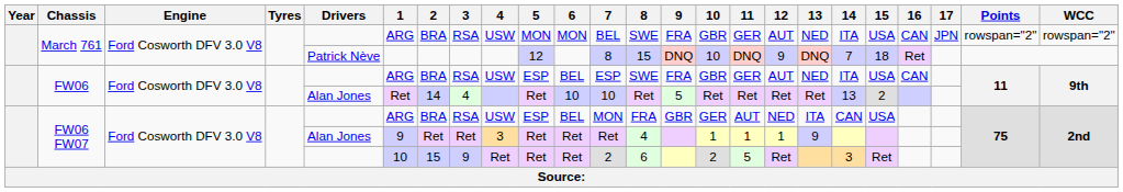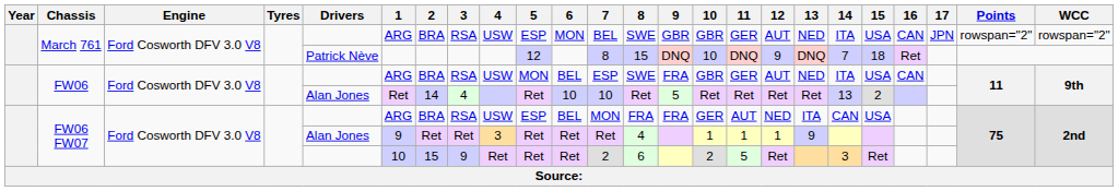 <table class="wikitable" style="text-align:center; font-size:85%">
 <tr>
 <th>Year</th>
 <th>Chassis</th>
 <th>Engine</th>
 <th>Tyres</th>
 <th>Drivers</th>
 <th>1</th>
 <th>2</th>
 <th>3</th>
 <th>4</th>
 <th>5</th>
 <th>6</th>
 <th>7</th>
 <th>8</th>
 <th>9</th>
 <th>10</th>
 <th>11</th>
 <th>12</th>
 <th>13</th>
 <th>14</th>
 <th>15</th>
 <th>16</th>
 <th>17</th>
 <th><a href='#'>Points</a></th>
 <th>WCC</th>
 </tr>
 <tr>
 <th rowspan="2"></th>
 <td rowspan="2"><a href='#'>March</a> <a href='#'>761</a></td>
 <td rowspan="2"><a href='#'>Ford</a> Cosworth DFV 3.0 <a href='#'>V8</a></td>
 <td rowspan="2"></td>
 <td></td>
 <td><a href='#'>ARG</a></td>
 <td><a href='#'>BRA</a></td>
 <td><a href='#'>RSA</a></td>
 <td><a href='#'>USW</a></td>
-<td><a href='#'>MON</a></td>
+<td><a href='#'>ESP</a></td>
 <td><a href='#'>MON</a></td>
 <td><a href='#'>BEL</a></td>
 <td><a href='#'>SWE</a></td>
-<td><a href='#'>FRA</a></td>
+<td><a href='#'>GBR</a></td>
 <td><a href='#'>GBR</a></td>
 <td><a href='#'>GER</a></td>
 <td><a href='#'>AUT</a></td>
 <td><a href='#'>NED</a></td>
 <td><a href='#'>ITA</a></td>
 <td><a href='#'>USA</a></td>
 <td><a href='#'>CAN</a></td>
 <td><a href='#'>JPN</a></td>
 <td>rowspan="2" </td>
 <td>rowspan="2" </td>
 </tr>
 <tr>
 <td align="left"> <a href='#'>Patrick Nève</a></td>
 <td></td>
 <td></td>
 <td></td>
 <td></td>
 <td style="background:#CFCFFF;">12</td>
 <td></td>
 <td style="background:#CFCFFF;">8</td>
 <td style="background:#CFCFFF;">15</td>
 <td style="background:#FFCFCF;">DNQ</td>
 <td style="background:#CFCFFF;">10</td>
 <td style="background:#FFCFCF;">DNQ</td>
 <td style="background:#CFCFFF;">9</td>
 <td style="background:#FFCFCF;">DNQ</td>
 <td style="background:#CFCFFF;">7</td>
 <td style="background:#CFCFFF;">18</td>
 <td style="background:#EFCFFF;">Ret</td>
 <td></td>
 </tr>
 <tr>
 <th rowspan="2"></th>
 <td rowspan="2"><a href='#'>FW06</a></td>
 <td rowspan="2"><a href='#'>Ford</a> Cosworth DFV 3.0 <a href='#'>V8</a></td>
 <td rowspan="2"></td>
 <td></td>
 <td><a href='#'>ARG</a></td>
 <td><a href='#'>BRA</a></td>
 <td><a href='#'>RSA</a></td>
 <td><a href='#'>USW</a></td>
-<td><a href='#'>ESP</a></td>
+<td><a href='#'>MON</a></td>
 <td><a href='#'>BEL</a></td>
 <td><a href='#'>ESP</a></td>
 <td><a href='#'>SWE</a></td>
 <td><a href='#'>FRA</a></td>
 <td><a href='#'>GBR</a></td>
 <td><a href='#'>GER</a></td>
 <td><a href='#'>AUT</a></td>
 <td><a href='#'>NED</a></td>
 <td><a href='#'>ITA</a></td>
 <td><a href='#'>USA</a></td>
 <td><a href='#'>CAN</a></td>
 <td></td>
 <th rowspan="2">11</th>
 <th rowspan="2">9th</th>
 </tr>
 <tr>
 <td align="left"> <a href='#'>Alan Jones</a></td>
 <td style="background:#EFCFFF;">Ret</td>
 <td style="background:#CFCFFF;">14</td>
 <td style="background:#DFFFDF;">4</td>
 <td style="background:#CFCFFF;"></td>
 <td style="background:#EFCFFF;">Ret</td>
 <td style="background:#CFCFFF;">10</td>
 <td style="background:#CFCFFF;">10</td>
 <td style="background:#EFCFFF;">Ret</td>
 <td style="background:#DFFFDF;">5</td>
 <td style="background:#EFCFFF;">Ret</td>
 <td style="background:#EFCFFF;">Ret</td>
 <td style="background:#EFCFFF;">Ret</td>
 <td style="background:#EFCFFF;">Ret</td>
 <td style="background:#CFCFFF;">13</td>
 <td style="background:#DFDFDF;">2</td>
 <td style="background:#CFCFFF;"></td>
 <td></td>
 </tr>
 <tr>
 <th rowspan="3"></th>
 <td rowspan="3"><a href='#'>FW06</a><br><a href='#'>FW07</a></td>
 <td rowspan="3"><a href='#'>Ford</a> Cosworth DFV 3.0 <a href='#'>V8</a></td>
 <td rowspan="3"></td>
 <td></td>
 <td><a href='#'>ARG</a></td>
 <td><a href='#'>BRA</a></td>
 <td><a href='#'>RSA</a></td>
 <td><a href='#'>USW</a></td>
 <td><a href='#'>ESP</a></td>
 <td><a href='#'>BEL</a></td>
 <td><a href='#'>MON</a></td>
 <td><a href='#'>FRA</a></td>
-<td><a href='#'>GBR</a></td>
+<td><a href='#'>FRA</a></td>
 <td><a href='#'>GER</a></td>
 <td><a href='#'>AUT</a></td>
 <td><a href='#'>NED</a></td>
 <td><a href='#'>ITA</a></td>
 <td><a href='#'>CAN</a></td>
 <td><a href='#'>USA</a></td>
 <td></td>
 <td></td>
 <td rowspan="3" style="background:#DFDFDF;"><strong>75</strong></td>
 <td rowspan="3" style="background:#DFDFDF;"><strong>2nd</strong></td>
 </tr>
 <tr>
 <td align="left"> <a href='#'>Alan Jones</a></td>
 <td style="background:#CFCFFF;">9</td>
 <td style="background:#EFCFFF;">Ret</td>
 <td style="background:#EFCFFF;">Ret</td>
 <td style="background:#FFDF9F;">3</td>
 <td style="background:#EFCFFF;">Ret</td>
 <td style="background:#EFCFFF;">Ret</td>
 <td style="background:#EFCFFF;">Ret</td>
 <td style="background:#DFFFDF;">4</td>
 <td style="background:#EFCFFF;"></td>
 <td style="background:#FFFFBF;">1</td>
 <td style="background:#FFFFBF;">1</td>
 <td style="background:#FFFFBF;">1</td>
 <td style="background:#CFCFFF;">9</td>
 <td style="background:#FFFFBF;"></td>
 <td style="background:#EFCFFF;"></td>
 <td></td>
 <td></td>
 </tr>
 <tr>
 <td align="left"></td>
 <td style="background:#CFCFFF;">10</td>
 <td style="background:#CFCFFF;">15</td>
 <td style="background:#CFCFFF;">9</td>
 <td style="background:#EFCFFF;">Ret</td>
 <td style="background:#EFCFFF;">Ret</td>
 <td style="background:#EFCFFF;">Ret</td>
 <td style="background:#DFDFDF;">2</td>
 <td style="background:#DFFFDF;">6</td>
 <td style="background:#FFFFBF;"></td>
 <td style="background:#DFDFDF;">2</td>
 <td style="background:#DFFFDF;">5</td>
 <td style="background:#EFCFFF;">Ret</td>
 <td style="background:#FFDF9F;"></td>
 <td style="background:#FFDF9F;">3</td>
 <td style="background:#EFCFFF;">Ret</td>
 <td></td>
 <td></td>
 </tr>
 <tr>
 <th colspan="24">Source:</th>
 </tr>
 </table>
